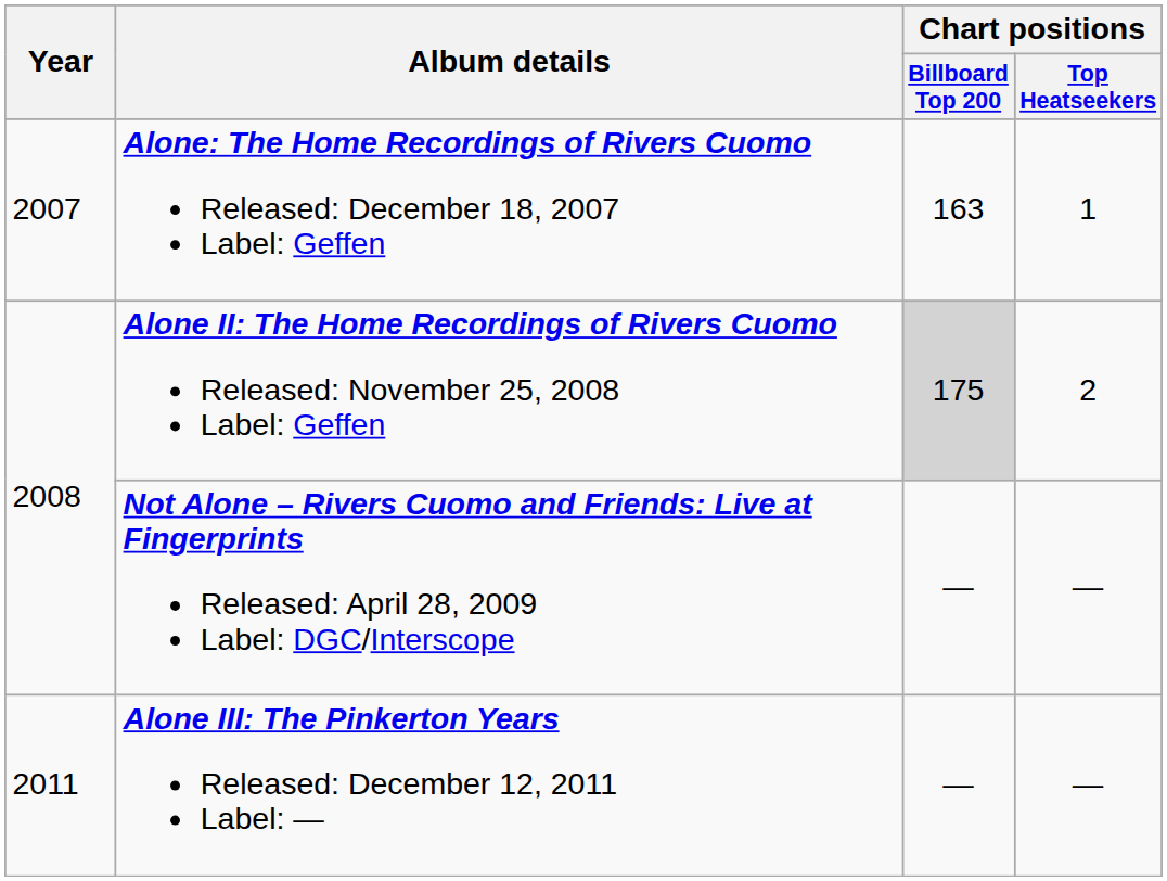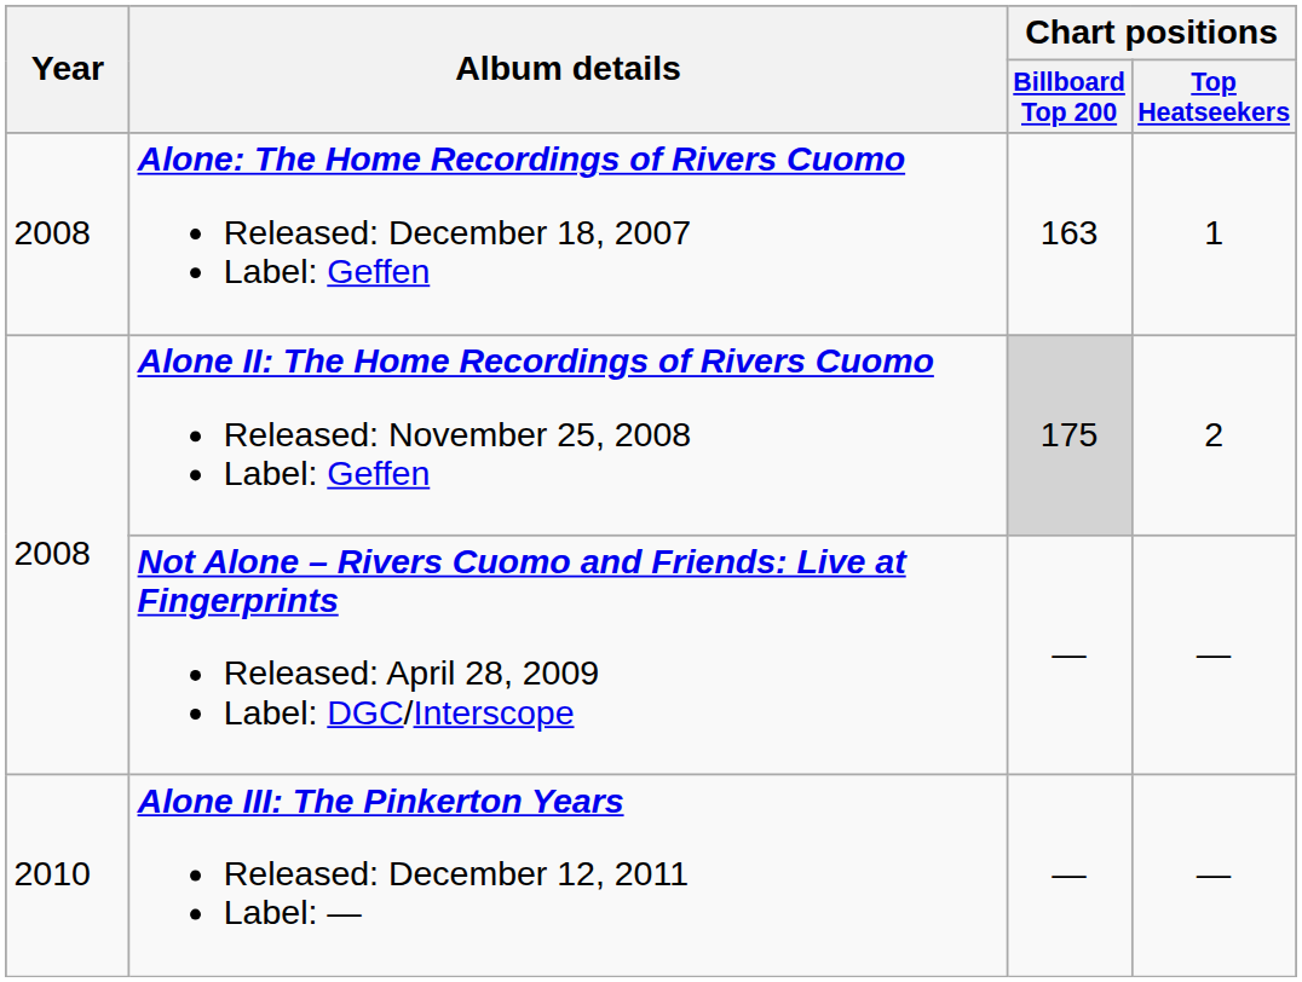 <table class="wikitable">
 <tr>
 <th rowspan="2" style="width:50px;">Year</th>
 <th rowspan="2" style="width:400px;">Album details</th>
 <th colspan="12">Chart positions</th>
 </tr>
 <tr>
 <th style="width:2em;font-size:75%"><a href='#'>Billboard Top 200</a></th>
 <th style="width:2em;font-size:75%"><a href='#'>Top Heatseekers</a></th>
 </tr>
 <tr>
-<td>2007</td>
+<td>2008</td>
 <td style="text-align:left;"><strong><em><a href='#'>Alone: The Home Recordings of Rivers Cuomo</a></em></strong><br><ul><li>Released: December 18, 2007</li><li>Label: <a href='#'>Geffen</a></li></ul></td>
 <td style="text-align:center;">163</td>
 <td style="text-align:center;">1</td>
 </tr>
 <tr>
 <td rowspan="2">2008</td>
 <td style="text-align:left;"><strong><em><a href='#'>Alone II: The Home Recordings of Rivers Cuomo</a></em></strong><br><ul><li>Released: November 25, 2008</li><li>Label: <a href='#'>Geffen</a></li></ul></td>
 <td style="background: lightgrey; text-align:center;">175</td>
 <td style="text-align:center;">2</td>
 </tr>
 <tr>
 <td style="text-align:left;"><strong><em><a href='#'>Not Alone – Rivers Cuomo and Friends: Live at Fingerprints</a></em></strong><br><ul><li>Released: April 28, 2009</li><li>Label: <a href='#'>DGC</a>/<a href='#'>Interscope</a></li></ul></td>
 <td style="text-align:center;">—</td>
 <td style="text-align:center;">—</td>
 </tr>
 <tr>
-<td>2011</td>
+<td>2010</td>
 <td style="text-align:left;"><strong><em><a href='#'>Alone III: The Pinkerton Years</a></em></strong><br><ul><li>Released: December 12, 2011</li><li>Label: —</li></ul></td>
 <td style="text-align:center;">—</td>
 <td style="text-align:center;">—</td>
 </tr>
 </table>
